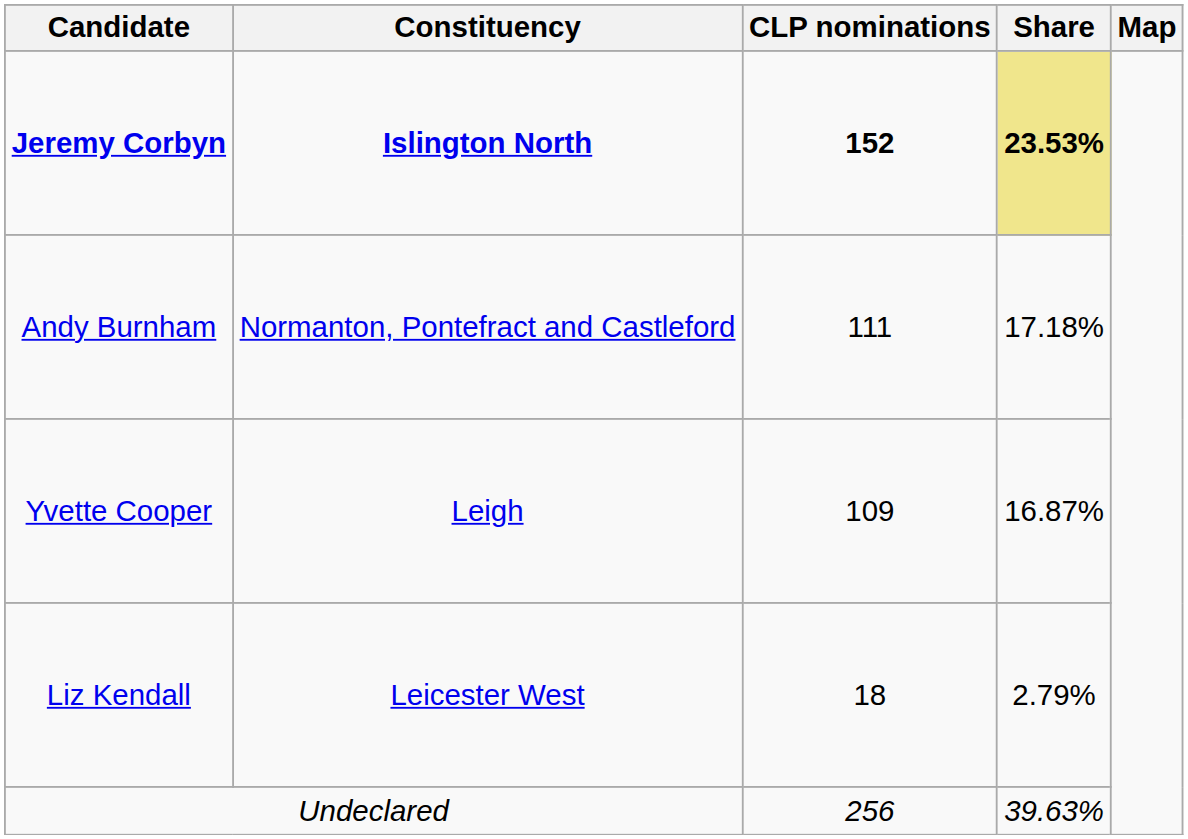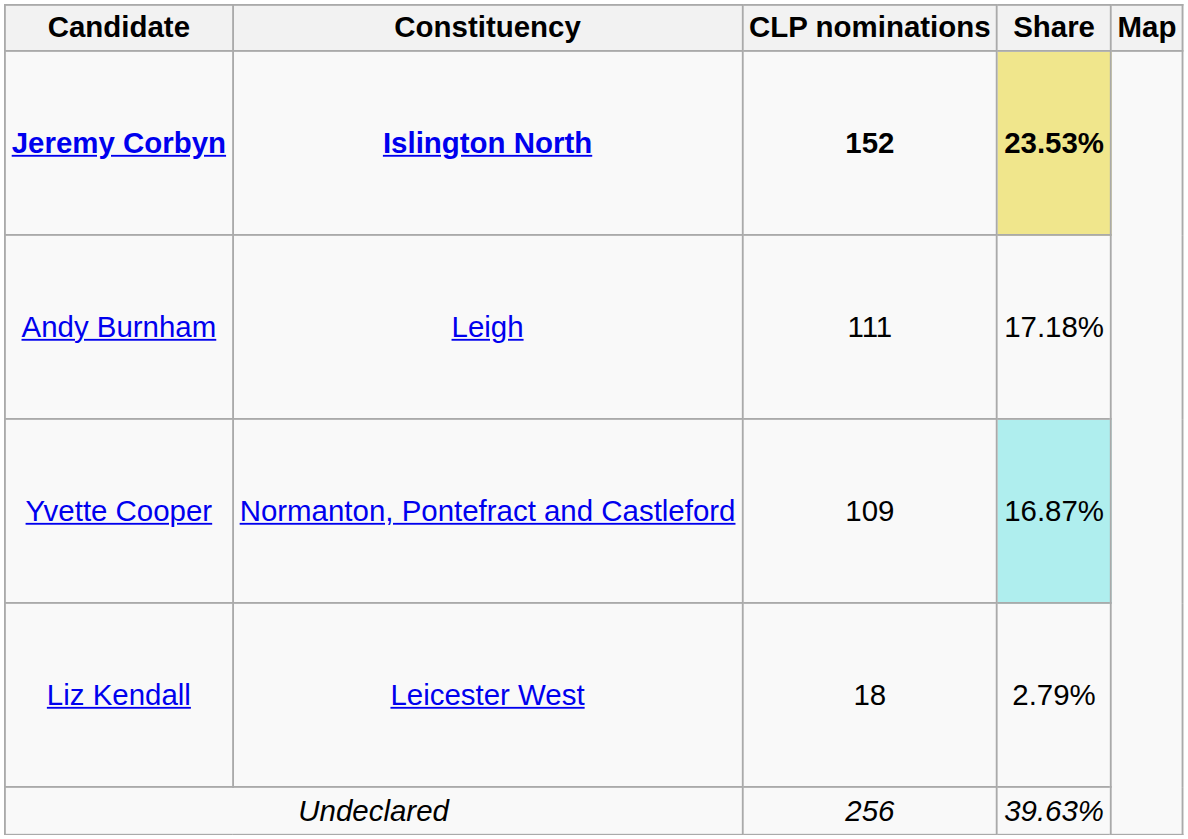 <table class ="wikitable">
 <tr>
 <th>Candidate</th>
 <th>Constituency</th>
 <th>CLP nominations</th>
 <th>Share</th>
 <th>Map</th>
 </tr>
 <tr style="height: 100px;">
 <td style="text-align: center;"><strong><a href='#'>Jeremy Corbyn</a></strong></td>
 <td style="text-align: center;"><strong><a href='#'>Islington North</a></strong></td>
 <td style="text-align: center;"><strong>152</strong></td>
 <td style="background: khaki; text-align: center;"><strong>23.53%</strong></td>
 <td rowspan="5"></td>
 </tr>
 <tr style="height: 100px;">
 <td style="text-align: center;"><a href='#'>Andy Burnham</a></td>
-<td style="text-align: center;"><a href='#'>Normanton, Pontefract and Castleford</a></td>
+<td style="text-align: center;"><a href='#'>Leigh</a></td>
 <td style="text-align: center;">111</td>
 <td style="text-align: center;">17.18%</td>
 </tr>
 <tr style="height: 100px;">
 <td style="text-align: center;"><a href='#'>Yvette Cooper</a></td>
-<td style="text-align: center;"><a href='#'>Leigh</a></td>
+<td style="text-align: center;"><a href='#'>Normanton, Pontefract and Castleford</a></td>
 <td style="text-align: center;">109</td>
-<td style="text-align: center;">16.87%</td>
+<td style="background: paleturquoise; text-align: center;">16.87%</td>
 </tr>
 <tr style="height: 100px;">
 <td style="text-align: center;"><a href='#'>Liz Kendall</a></td>
 <td style="text-align: center;"><a href='#'>Leicester West</a></td>
 <td style="text-align: center;">18</td>
 <td style="text-align: center;">2.79%</td>
 </tr>
 <tr style="background-color: ">
 <td colspan="2" style="text-align: center;"><em>Undeclared</em></td>
 <td style="text-align: center;"><em>256</em></td>
 <td style="text-align: center;"><em>39.63%</em></td>
 </tr>
 </table>
